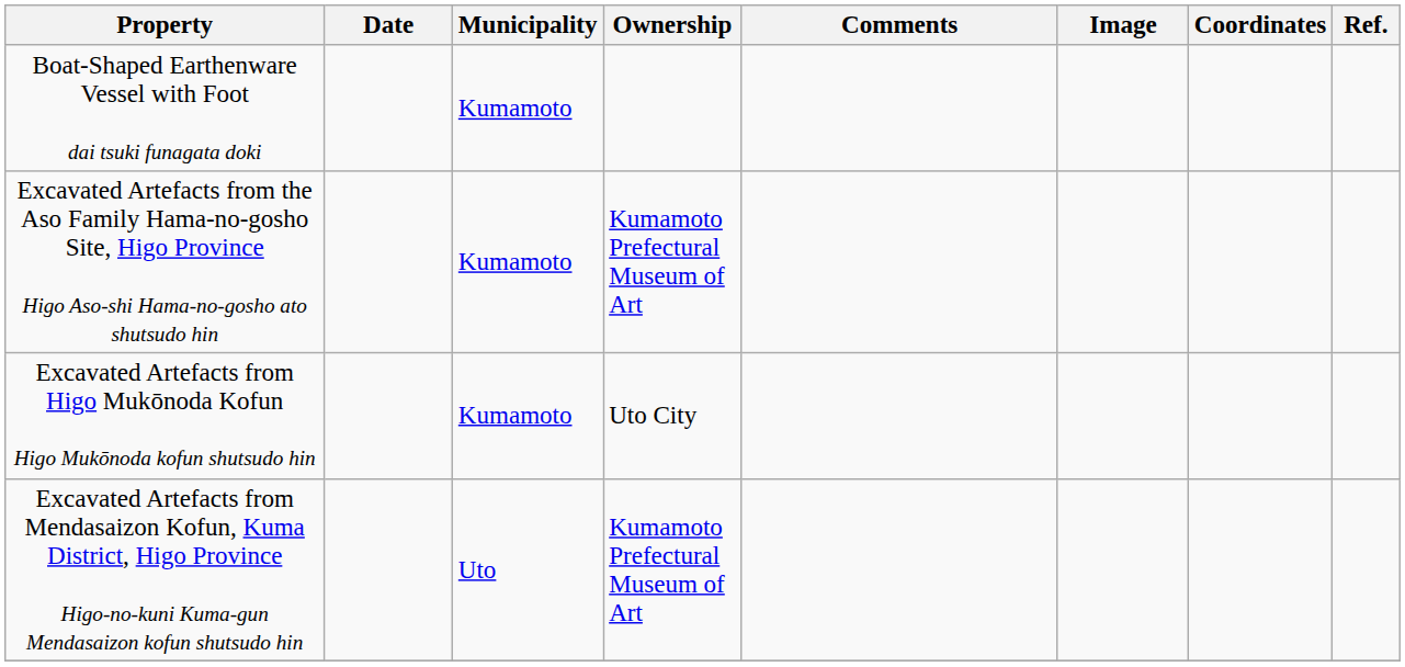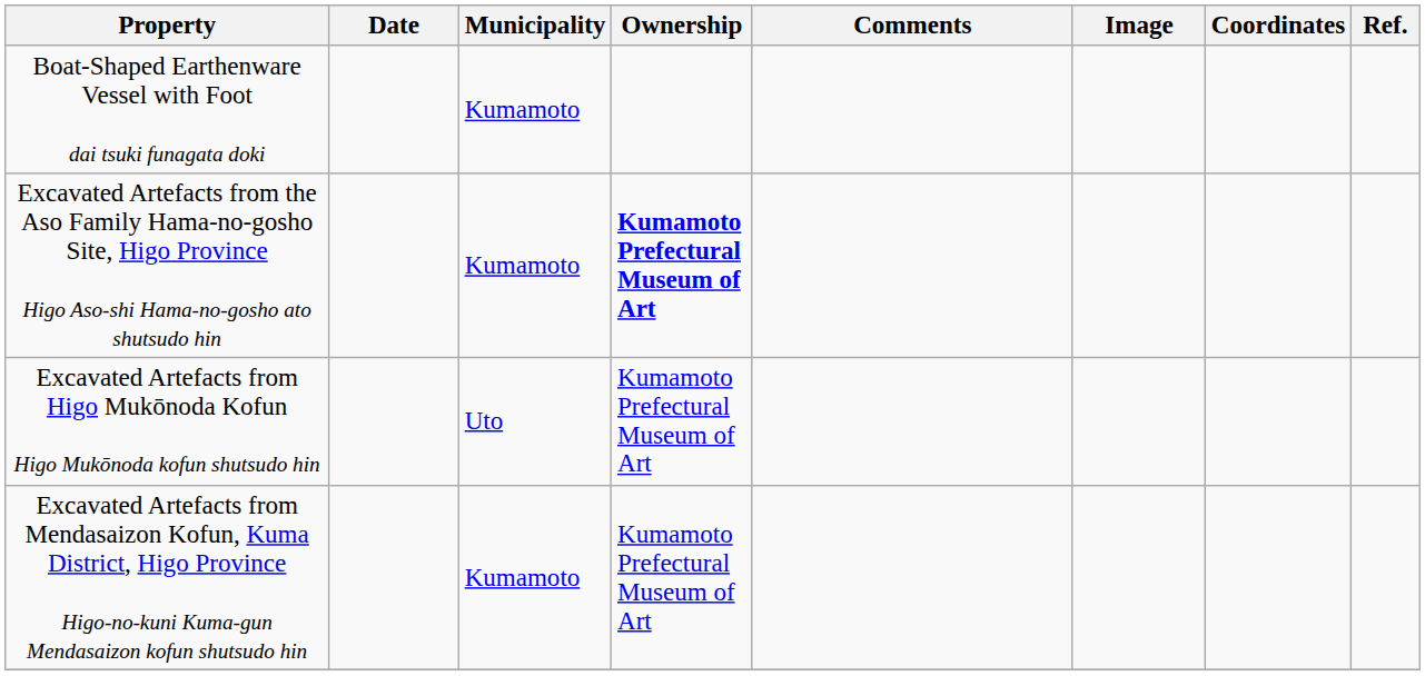 <table class="wikitable sortable"  style="width:100%;">
 <tr>
 <th width="25%" align="left">Property</th>
 <th width="10%" align="left">Date</th>
 <th width="10%" align="left">Municipality</th>
 <th width="10%" align="left">Ownership</th>
 <th width="25%" align="left" class="unsortable">Comments</th>
 <th width="10%" align="left" class="unsortable">Image</th>
 <th width="5%" align="left" class="unsortable">Coordinates</th>
 <th width="5%" align="left" class="unsortable">Ref.</th>
 </tr>
 <tr>
 <td align="center">Boat-Shaped Earthenware Vessel with Foot<br><br><small><em>dai tsuki funagata doki</em></small></td>
 <td></td>
 <td><a href='#'>Kumamoto</a></td>
 <td></td>
 <td></td>
 <td></td>
 <td></td>
 <td></td>
 </tr>
 <tr>
 <td align="center">Excavated Artefacts from the Aso Family Hama-no-gosho Site, <a href='#'>Higo Province</a><br><br><small><em>Higo Aso-shi Hama-no-gosho ato shutsudo hin</em></small></td>
 <td></td>
 <td><a href='#'>Kumamoto</a></td>
-<td><a href='#'>Kumamoto Prefectural Museum of Art</a></td>
+<td><strong><a href='#'>Kumamoto Prefectural Museum of Art</a></strong></td>
 <td></td>
 <td></td>
 <td></td>
 <td></td>
 </tr>
 <tr>
 <td align="center">Excavated Artefacts from <a href='#'>Higo</a> Mukōnoda Kofun<br><br><small><em>Higo Mukōnoda kofun shutsudo hin</em></small></td>
-<td></td>
-<td><a href='#'>Kumamoto</a></td>
-<td>Uto City</td>
-<td></td>
-<td></td>
-<td></td>
-<td></td>
-</tr>
-<tr>
-<td align="center">Excavated Artefacts from Mendasaizon Kofun, <a href='#'>Kuma District</a>, <a href='#'>Higo Province</a><br><br><small><em>Higo-no-kuni Kuma-gun Mendasaizon kofun shutsudo hin</em></small></td>
 <td></td>
 <td><a href='#'>Uto</a></td>
 <td><a href='#'>Kumamoto Prefectural Museum of Art</a></td>
 <td></td>
 <td></td>
 <td></td>
 <td></td>
 </tr>
 <tr>
+<td align="center">Excavated Artefacts from Mendasaizon Kofun, <a href='#'>Kuma District</a>, <a href='#'>Higo Province</a><br><br><small><em>Higo-no-kuni Kuma-gun Mendasaizon kofun shutsudo hin</em></small></td>
+<td></td>
+<td><a href='#'>Kumamoto</a></td>
+<td><a href='#'>Kumamoto Prefectural Museum of Art</a></td>
+<td></td>
+<td></td>
+<td></td>
+<td></td>
+</tr>
+<tr>
 </tr>
 </table>
